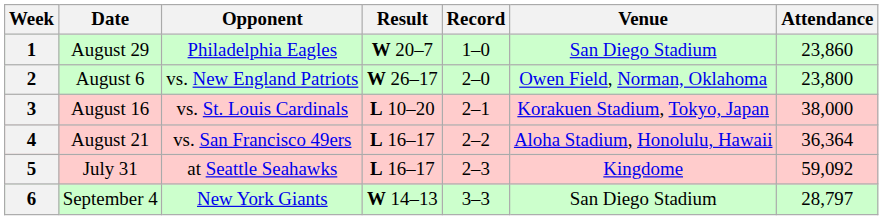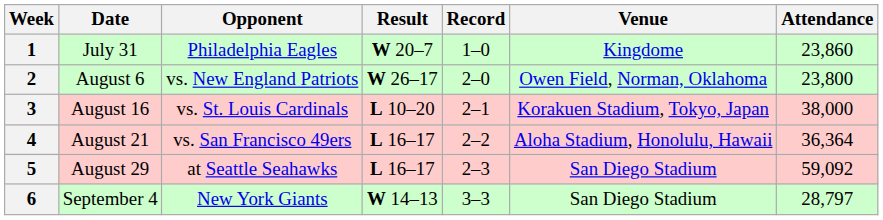 <table class="wikitable" style="text-align:center">
 <tr>
 <th>Week</th>
 <th>Date</th>
 <th>Opponent</th>
 <th>Result</th>
 <th>Record</th>
 <th>Venue</th>
 <th>Attendance</th>
 </tr>
 <tr style="background: #cfc;">
 <th>1</th>
-<td>August 29</td>
+<td>July 31</td>
 <td><a href='#'>Philadelphia Eagles</a></td>
 <td><strong>W</strong> 20–7</td>
 <td>1–0</td>
-<td><a href='#'>San Diego Stadium</a></td>
+<td><a href='#'>Kingdome</a></td>
 <td>23,860</td>
 </tr>
 <tr style="background: #cfc;">
 <th>2</th>
 <td>August 6</td>
 <td>vs. <a href='#'>New England Patriots</a></td>
 <td><strong>W</strong> 26–17</td>
 <td>2–0</td>
 <td><a href='#'>Owen Field</a>, <a href='#'>Norman, Oklahoma</a></td>
 <td>23,800</td>
 </tr>
 <tr style="background: #fcc;">
 <th>3</th>
 <td>August 16</td>
 <td>vs. <a href='#'>St. Louis Cardinals</a></td>
 <td><strong>L</strong> 10–20</td>
 <td>2–1</td>
 <td><a href='#'>Korakuen Stadium</a>, <a href='#'>Tokyo, Japan</a></td>
 <td>38,000</td>
 </tr>
 <tr style="background: #fcc;">
 <th>4</th>
 <td>August 21</td>
 <td>vs. <a href='#'>San Francisco 49ers</a></td>
 <td><strong>L</strong> 16–17</td>
 <td>2–2</td>
 <td><a href='#'>Aloha Stadium</a>, <a href='#'>Honolulu, Hawaii</a></td>
 <td>36,364</td>
 </tr>
 <tr style="background: #fcc;">
 <th>5</th>
-<td>July 31</td>
+<td>August 29</td>
 <td>at <a href='#'>Seattle Seahawks</a></td>
 <td><strong>L</strong> 16–17</td>
 <td>2–3</td>
-<td><a href='#'>Kingdome</a></td>
+<td><a href='#'>San Diego Stadium</a></td>
 <td>59,092</td>
 </tr>
 <tr style="background: #cfc;">
 <th>6</th>
 <td>September 4</td>
 <td><a href='#'>New York Giants</a></td>
 <td><strong>W</strong> 14–13</td>
 <td>3–3</td>
 <td>San Diego Stadium</td>
 <td>28,797</td>
 </tr>
 </table>
